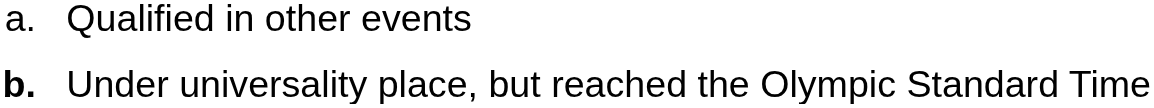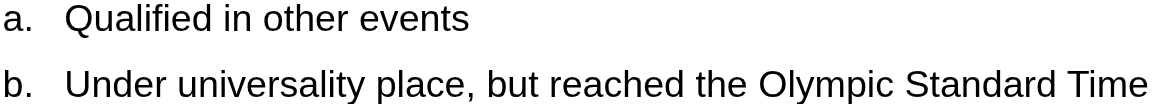 <table style="margin-left:13px; line-height:150%">
 <tr>
 <td align="right" valign="top">a.  </td>
 <td> Qualified in other events</td>
 </tr>
 <tr>
-<td align="right" valign="top"><strong>b.  </strong></td>
+<td align="right" valign="top">b.  </td>
 <td> Under universality place, but reached the Olympic Standard Time</td>
 </tr>
 </table>
